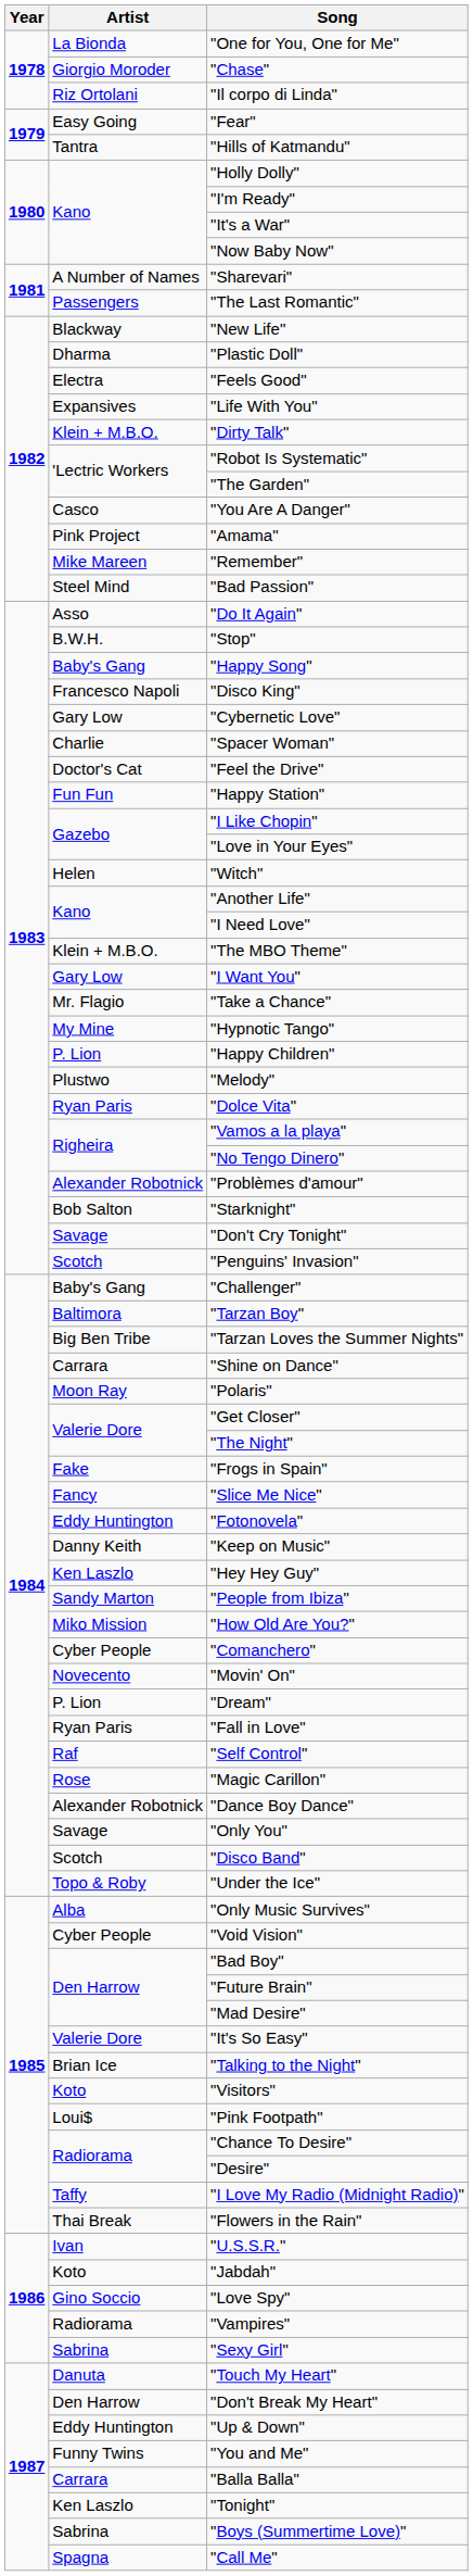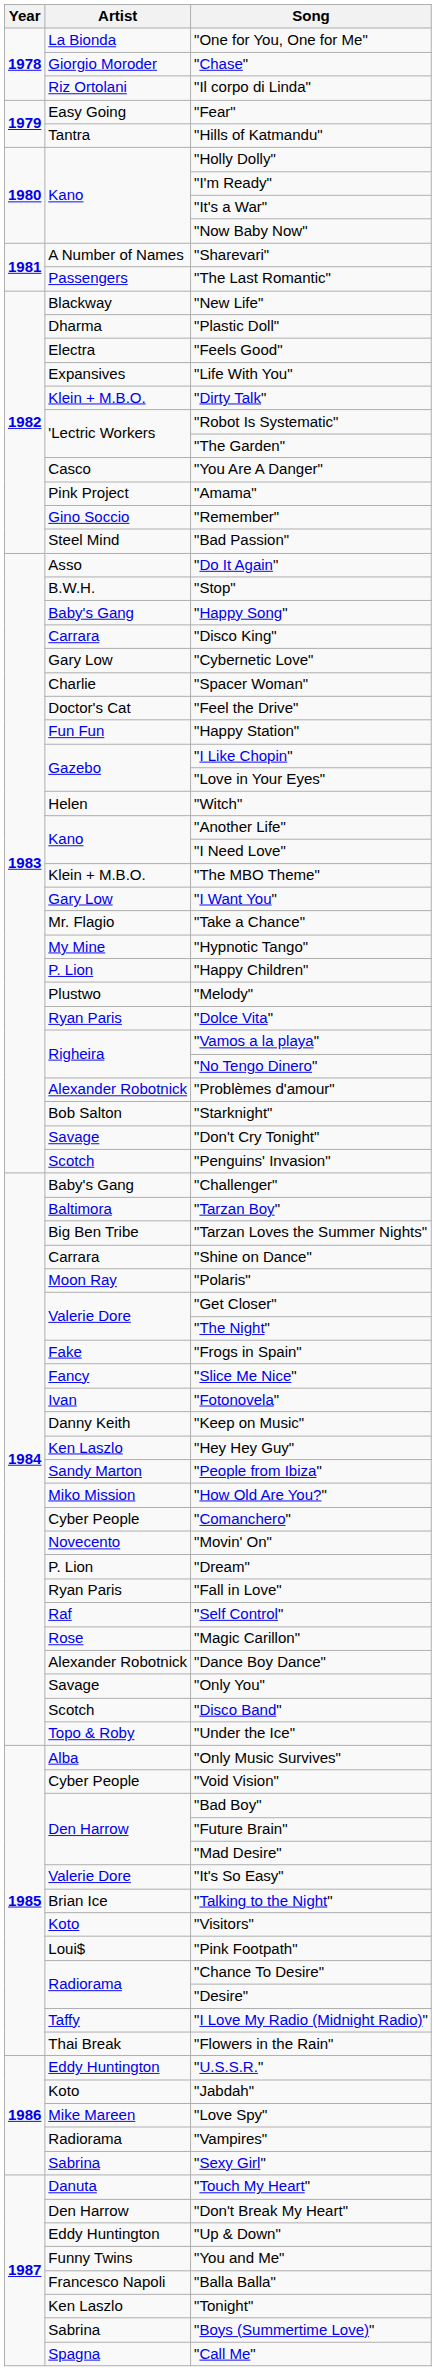 <table class="wikitable">
 <tr>
 <th>Year</th>
 <th>Artist</th>
 <th>Song</th>
 </tr>
 <tr>
 <td rowspan="3" height=15><strong><a href='#'>1978</a></strong></td>
 <td><a href='#'>La Bionda</a></td>
 <td>"One for You, One for Me"</td>
 </tr>
 <tr>
 <td><a href='#'>Giorgio Moroder</a></td>
 <td>"<a href='#'>Chase</a>"</td>
 </tr>
 <tr>
 <td><a href='#'>Riz Ortolani</a></td>
 <td>"Il corpo di Linda"</td>
 </tr>
 <tr>
 <td rowspan="2" height=15><strong><a href='#'>1979</a></strong></td>
 <td>Easy Going</td>
 <td>"Fear"</td>
 </tr>
 <tr>
 <td>Tantra</td>
 <td>"Hills of Katmandu"</td>
 </tr>
 <tr>
 <td rowspan="4" height=15><strong><a href='#'>1980</a></strong></td>
 <td rowspan="4"><a href='#'>Kano</a></td>
 <td>"Holly Dolly"</td>
 </tr>
 <tr>
 <td>"I'm Ready"</td>
 </tr>
 <tr>
 <td>"It's a War"</td>
 </tr>
 <tr>
 <td>"Now Baby Now"</td>
 </tr>
 <tr>
 <td rowspan="2" height=15><strong><a href='#'>1981</a></strong></td>
 <td>A Number of Names</td>
 <td>"Sharevari"</td>
 </tr>
 <tr>
 <td><a href='#'>Passengers</a></td>
 <td>"The Last Romantic"</td>
 </tr>
 <tr>
 <td rowspan="11" height=16><strong><a href='#'>1982</a></strong></td>
 <td>Blackway</td>
 <td>"New Life"</td>
 </tr>
 <tr>
 <td>Dharma</td>
 <td>"Plastic Doll"</td>
 </tr>
 <tr>
 <td>Electra</td>
 <td>"Feels Good"</td>
 </tr>
 <tr>
 <td>Expansives</td>
 <td>"Life With You"</td>
 </tr>
 <tr>
 <td><a href='#'>Klein + M.B.O.</a></td>
 <td>"<a href='#'>Dirty Talk</a>"</td>
 </tr>
 <tr>
 <td rowspan="2">'Lectric Workers</td>
 <td>"Robot Is Systematic"</td>
 </tr>
 <tr>
 <td>"The Garden"</td>
 </tr>
 <tr>
 <td>Casco</td>
 <td>"You Are A Danger"</td>
 </tr>
 <tr>
 <td>Pink Project</td>
 <td>"Amama"</td>
 </tr>
 <tr>
-<td><a href='#'>Mike Mareen</a></td>
+<td><a href='#'>Gino Soccio</a></td>
 <td>"Remember"</td>
 </tr>
 <tr>
 <td>Steel Mind</td>
 <td>"Bad Passion"</td>
 </tr>
 <tr>
 <td rowspan="26" height=15><strong><a href='#'>1983</a></strong></td>
 <td>Asso</td>
 <td>"<a href='#'>Do It Again</a>"</td>
 </tr>
 <tr>
 <td>B.W.H.</td>
 <td>"Stop"</td>
 </tr>
 <tr>
 <td><a href='#'>Baby's Gang</a></td>
 <td>"<a href='#'>Happy Song</a>"</td>
 </tr>
 <tr>
-<td>Francesco Napoli</td>
+<td><a href='#'>Carrara</a></td>
 <td>"Disco King"</td>
 </tr>
 <tr>
 <td>Gary Low</td>
 <td>"Cybernetic Love"</td>
 </tr>
 <tr>
 <td>Charlie</td>
 <td>"Spacer Woman"</td>
 </tr>
 <tr>
 <td>Doctor's Cat</td>
 <td>"Feel the Drive"</td>
 </tr>
 <tr>
 <td><a href='#'>Fun Fun</a></td>
 <td>"Happy Station"</td>
 </tr>
 <tr>
 <td rowspan="2"><a href='#'>Gazebo</a></td>
 <td>"<a href='#'>I Like Chopin</a>"</td>
 </tr>
 <tr>
 <td>"Love in Your Eyes"</td>
 </tr>
 <tr>
 <td>Helen</td>
 <td>"Witch"</td>
 </tr>
 <tr>
 <td rowspan="2"><a href='#'>Kano</a></td>
 <td>"Another Life"</td>
 </tr>
 <tr>
 <td>"I Need Love"</td>
 </tr>
 <tr>
 <td>Klein + M.B.O.</td>
 <td>"The MBO Theme"</td>
 </tr>
 <tr>
 <td><a href='#'>Gary Low</a></td>
 <td>"<a href='#'>I Want You</a>"</td>
 </tr>
 <tr>
 <td>Mr. Flagio</td>
 <td>"Take a Chance"</td>
 </tr>
 <tr>
 <td><a href='#'>My Mine</a></td>
 <td>"Hypnotic Tango"</td>
 </tr>
 <tr>
 <td><a href='#'>P. Lion</a></td>
 <td>"Happy Children"</td>
 </tr>
 <tr>
 <td>Plustwo</td>
 <td>"Melody"</td>
 </tr>
 <tr>
 <td><a href='#'>Ryan Paris</a></td>
 <td>"<a href='#'>Dolce Vita</a>"</td>
 </tr>
 <tr>
 <td rowspan="2"><a href='#'>Righeira</a></td>
 <td>"<a href='#'>Vamos a la playa</a>"</td>
 </tr>
 <tr>
 <td>"<a href='#'>No Tengo Dinero</a>"</td>
 </tr>
 <tr>
 <td><a href='#'>Alexander Robotnick</a></td>
 <td>"Problèmes d'amour"</td>
 </tr>
 <tr>
 <td>Bob Salton</td>
 <td>"Starknight"</td>
 </tr>
 <tr>
 <td><a href='#'>Savage</a></td>
 <td>"Don't Cry Tonight"</td>
 </tr>
 <tr>
 <td><a href='#'>Scotch</a></td>
 <td>"Penguins' Invasion"</td>
 </tr>
 <tr>
 <td rowspan="24" height=15><strong><a href='#'>1984</a></strong></td>
 <td>Baby's Gang</td>
 <td>"Challenger"</td>
 </tr>
 <tr>
 <td><a href='#'>Baltimora</a></td>
 <td>"<a href='#'>Tarzan Boy</a>"</td>
 </tr>
 <tr>
 <td>Big Ben Tribe</td>
 <td>"Tarzan Loves the Summer Nights"</td>
 </tr>
 <tr>
 <td Carrara (singer)>Carrara</td>
 <td>"Shine on Dance"</td>
 </tr>
 <tr>
 <td><a href='#'>Moon Ray</a></td>
 <td>"Polaris"</td>
 </tr>
 <tr>
 <td rowspan="2"><a href='#'>Valerie Dore</a></td>
 <td>"Get Closer"</td>
 </tr>
 <tr>
 <td>"<a href='#'>The Night</a>"</td>
 </tr>
 <tr>
 <td><a href='#'>Fake</a></td>
 <td>"Frogs in Spain"</td>
 </tr>
 <tr>
 <td><a href='#'>Fancy</a></td>
 <td>"<a href='#'>Slice Me Nice</a>"</td>
 </tr>
 <tr>
-<td><a href='#'>Eddy Huntington</a></td>
+<td><a href='#'>Ivan</a></td>
 <td>"<a href='#'>Fotonovela</a>"</td>
 </tr>
 <tr>
 <td>Danny Keith</td>
 <td>"Keep on Music"</td>
 </tr>
 <tr>
 <td><a href='#'>Ken Laszlo</a></td>
 <td>"Hey Hey Guy"</td>
 </tr>
 <tr>
 <td><a href='#'>Sandy Marton</a></td>
 <td>"<a href='#'>People from Ibiza</a>"</td>
 </tr>
 <tr>
 <td><a href='#'>Miko Mission</a></td>
 <td>"<a href='#'>How Old Are You?</a>"</td>
 </tr>
 <tr>
 <td>Cyber People</td>
 <td>"<a href='#'>Comanchero</a>"</td>
 </tr>
 <tr>
 <td><a href='#'>Novecento</a></td>
 <td>"Movin' On"</td>
 </tr>
 <tr>
 <td>P. Lion</td>
 <td>"Dream"</td>
 </tr>
 <tr>
 <td>Ryan Paris</td>
 <td>"Fall in Love"</td>
 </tr>
 <tr>
 <td><a href='#'>Raf</a></td>
 <td>"<a href='#'>Self Control</a>"</td>
 </tr>
 <tr>
 <td><a href='#'>Rose</a></td>
 <td>"Magic Carillon"</td>
 </tr>
 <tr>
 <td>Alexander Robotnick</td>
 <td>"Dance Boy Dance"</td>
 </tr>
 <tr>
 <td>Savage</td>
 <td>"Only You"</td>
 </tr>
 <tr>
 <td>Scotch</td>
 <td>"<a href='#'>Disco Band</a>"</td>
 </tr>
 <tr>
 <td><a href='#'>Topo & Roby</a></td>
 <td>"Under the Ice"</td>
 </tr>
 <tr>
 <td rowspan="13" height=15><strong><a href='#'>1985</a></strong></td>
 <td><a href='#'>Alba</a></td>
 <td>"Only Music Survives"</td>
 </tr>
 <tr>
 <td>Cyber People</td>
 <td>"Void Vision"</td>
 </tr>
 <tr>
 <td rowspan="3"><a href='#'>Den Harrow</a></td>
 <td>"Bad Boy"</td>
 </tr>
 <tr>
 <td>"Future Brain"</td>
 </tr>
 <tr>
 <td>"Mad Desire"</td>
 </tr>
 <tr>
 <td><a href='#'>Valerie Dore</a></td>
 <td>"It's So Easy"</td>
 </tr>
 <tr>
 <td>Brian Ice</td>
 <td>"<a href='#'>Talking to the Night</a>"</td>
 </tr>
 <tr>
 <td><a href='#'>Koto</a></td>
 <td>"Visitors"</td>
 </tr>
 <tr>
 <td>Loui$</td>
 <td>"Pink Footpath"</td>
 </tr>
 <tr>
 <td rowspan="2"><a href='#'>Radiorama</a></td>
 <td>"Chance To Desire"</td>
 </tr>
 <tr>
 <td>"Desire"</td>
 </tr>
 <tr>
 <td><a href='#'>Taffy</a></td>
 <td>"<a href='#'>I Love My Radio (Midnight Radio)</a>"</td>
 </tr>
 <tr>
 <td>Thai Break</td>
 <td>"Flowers in the Rain"</td>
 </tr>
 <tr>
 <td rowspan="5" height=15><strong><a href='#'>1986</a></strong></td>
-<td><a href='#'>Ivan</a></td>
+<td><a href='#'>Eddy Huntington</a></td>
 <td>"<a href='#'>U.S.S.R.</a>"</td>
 </tr>
 <tr>
 <td Koto (band)>Koto</td>
 <td>"Jabdah"</td>
 </tr>
 <tr>
-<td><a href='#'>Gino Soccio</a></td>
+<td><a href='#'>Mike Mareen</a></td>
 <td>"Love Spy"</td>
 </tr>
 <tr>
 <td>Radiorama</td>
 <td>"Vampires"</td>
 </tr>
 <tr>
 <td><a href='#'>Sabrina</a></td>
 <td>"<a href='#'>Sexy Girl</a>"</td>
 </tr>
 <tr>
 <td rowspan="8" height=15><strong><a href='#'>1987</a></strong></td>
 <td><a href='#'>Danuta</a></td>
 <td>"<a href='#'>Touch My Heart</a>"</td>
 </tr>
 <tr>
 <td>Den Harrow</td>
 <td>"Don't Break My Heart"</td>
 </tr>
 <tr>
 <td>Eddy Huntington</td>
 <td>"Up & Down"</td>
 </tr>
 <tr>
 <td>Funny Twins</td>
 <td>"You and Me"</td>
 </tr>
 <tr>
-<td><a href='#'>Carrara</a></td>
+<td>Francesco Napoli</td>
 <td>"Balla Balla"</td>
 </tr>
 <tr>
 <td>Ken Laszlo</td>
 <td>"Tonight"</td>
 </tr>
 <tr>
 <td>Sabrina</td>
 <td>"<a href='#'>Boys (Summertime Love)</a>"</td>
 </tr>
 <tr>
 <td><a href='#'>Spagna</a></td>
 <td>"<a href='#'>Call Me</a>"</td>
 </tr>
 </table>
